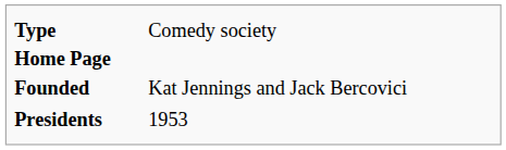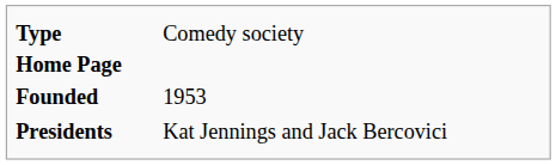 <table class="infobox" style="width: 25em; text-align: left; font-size: 95%;">
 <tr>
 <td colspan="2" style="text-align:center;"></td>
 </tr>
 <tr>
 <th>Type</th>
 <td>Comedy society</td>
 </tr>
 <tr>
 <th>Home Page</th>
 <td></td>
 </tr>
 <tr>
 <th>Founded</th>
-<td>Kat Jennings and Jack Bercovici</td>
+<td>1953</td>
 </tr>
 <tr>
 </tr>
 <tr>
 <th>Presidents</th>
-<td>1953</td>
+<td>Kat Jennings and Jack Bercovici</td>
 </tr>
 <tr>
 <td colspan="2" style="font-size: smaller;"></td>
 </tr>
 </table>
